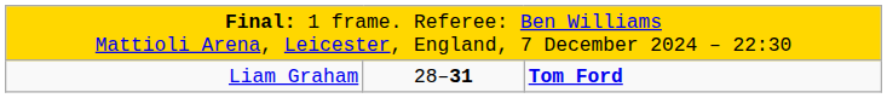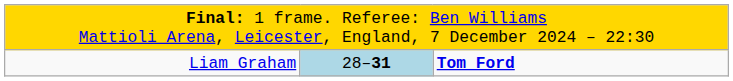 <table class="wikitable" style="margin: 1em auto 1em auto;">
 <tr>
 <td colspan="3" align="center" bgcolor="#ffd700"><strong>Final:</strong> 1 frame. Referee: <a href='#'>Ben Williams</a> <br><a href='#'>Mattioli Arena</a>, <a href='#'>Leicester</a>, England, 7 December 2024 – 22:30</td>
 </tr>
 <tr>
 <td width="230" align="right"><a href='#'>Liam Graham</a><br></td>
-<td width="100" align="center">28–<strong>31</strong></td>
+<td width="100" align="center" style="background: lightblue;">28–<strong>31</strong></td>
 <td width="230"><strong><a href='#'>Tom Ford</a></strong><br></td>
 </tr>
 </table>
